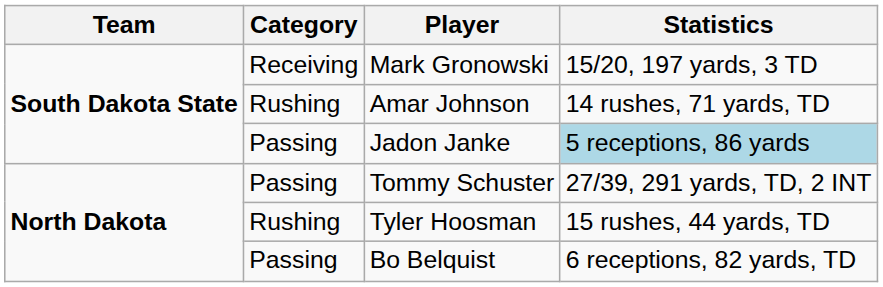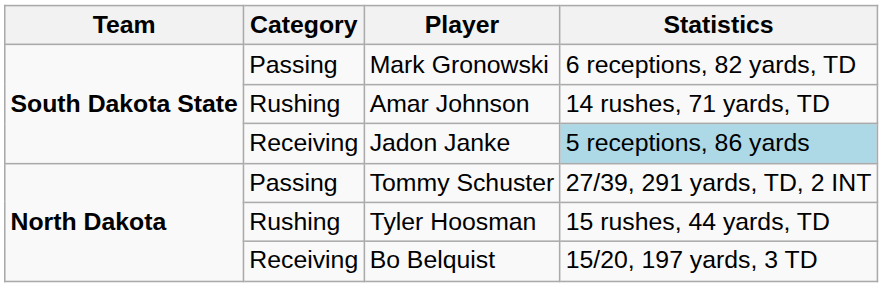 <table class="wikitable" style="float: left;">
 <tr>
 <th>Team</th>
 <th>Category</th>
 <th>Player</th>
 <th>Statistics</th>
 </tr>
 <tr>
 <td rowspan=3><strong>South Dakota State</strong></td>
-<td>Receiving</td>
+<td>Passing</td>
 <td>Mark Gronowski</td>
-<td>15/20, 197 yards, 3 TD</td>
+<td>6 receptions, 82 yards, TD</td>
 </tr>
 <tr>
 <td>Rushing</td>
 <td>Amar Johnson</td>
 <td>14 rushes, 71 yards, TD</td>
 </tr>
 <tr>
-<td>Passing</td>
+<td>Receiving</td>
 <td>Jadon Janke</td>
 <td style="background: lightblue;">5 receptions, 86 yards</td>
 </tr>
 <tr>
 <td rowspan=3><strong>North Dakota</strong></td>
 <td>Passing</td>
 <td>Tommy Schuster</td>
 <td>27/39, 291 yards, TD, 2 INT</td>
 </tr>
 <tr>
 <td>Rushing</td>
 <td>Tyler Hoosman</td>
 <td>15 rushes, 44 yards, TD</td>
 </tr>
 <tr>
-<td>Passing</td>
+<td>Receiving</td>
 <td>Bo Belquist</td>
-<td>6 receptions, 82 yards, TD</td>
+<td>15/20, 197 yards, 3 TD</td>
 </tr>
 </table>
